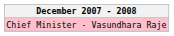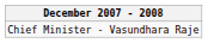 <table class="wikitable">
 <tr>
 <th>December 2007 - 2008</th>
 </tr>
 <tr>
-<td style="background: pink;">Chief Minister - Vasundhara Raje</td>
+<td>Chief Minister - Vasundhara Raje</td>
 </tr>
 </table>
